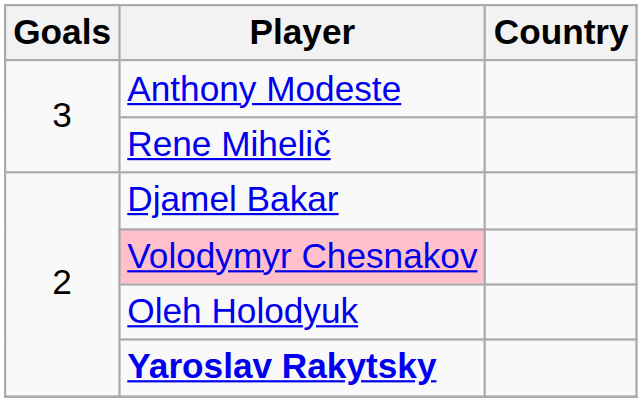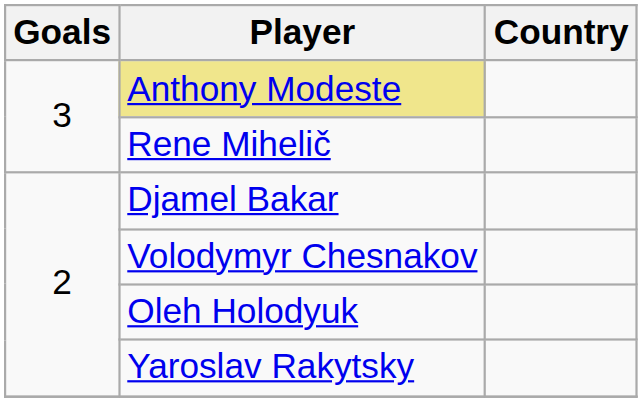 <table class="wikitable" style="text-align: left;">
 <tr>
 <th>Goals</th>
 <th>Player</th>
 <th>Country</th>
 </tr>
 <tr>
 <td rowspan="2" align=center>3</td>
-<td><a href='#'>Anthony Modeste</a></td>
+<td style="background: khaki;"><a href='#'>Anthony Modeste</a></td>
 <td></td>
 </tr>
 <tr>
 <td><a href='#'>Rene Mihelič</a></td>
 <td></td>
 </tr>
 <tr>
 <td rowspan="4" align=center>2</td>
 <td><a href='#'>Djamel Bakar</a></td>
 <td></td>
 </tr>
 <tr>
-<td style="background: pink;"><a href='#'>Volodymyr Chesnakov</a></td>
+<td><a href='#'>Volodymyr Chesnakov</a></td>
 <td></td>
 </tr>
 <tr>
 <td><a href='#'>Oleh Holodyuk</a></td>
 <td></td>
 </tr>
 <tr>
-<td><strong><a href='#'>Yaroslav Rakytsky</a></strong></td>
+<td><a href='#'>Yaroslav Rakytsky</a></td>
 <td></td>
 </tr>
 <tr>
 </tr>
 </table>
